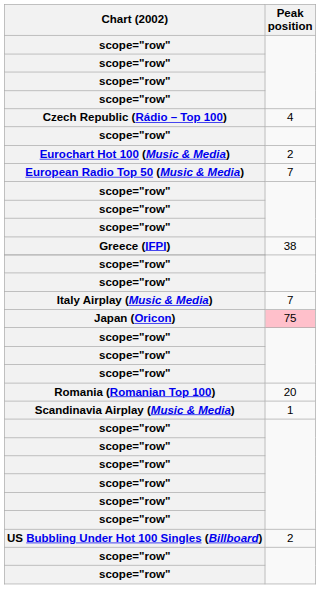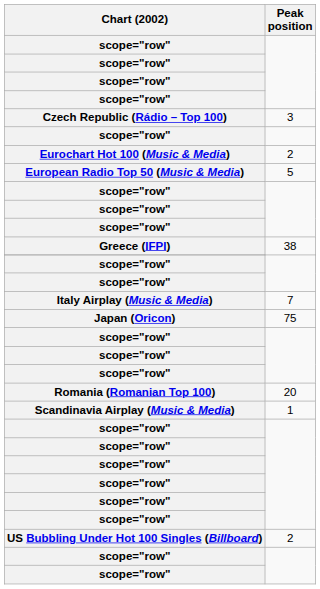 <table class="wikitable sortable plainrowheaders" style="text-align:center">
 <tr>
 <th scope="col">Chart (2002)</th>
 <th scope="col">Peak<br>position</th>
 </tr>
 <tr>
 <th>scope="row"</th>
 </tr>
 <tr>
 <th>scope="row"</th>
 </tr>
 <tr>
 <th>scope="row"</th>
 </tr>
 <tr>
 <th>scope="row"</th>
 </tr>
 <tr>
 <th scope="row">Czech Republic (<a href='#'>Rádio – Top 100</a>)</th>
-<td>4</td>
+<td>3</td>
 </tr>
 <tr>
 <th>scope="row"</th>
 </tr>
 <tr>
 <th scope="row"><a href='#'>Eurochart Hot 100</a> (<em><a href='#'>Music & Media</a></em>)</th>
 <td>2</td>
 </tr>
 <tr>
 <th scope="row"><a href='#'>European Radio Top 50</a> (<em><a href='#'>Music & Media</a></em>)</th>
-<td>7</td>
+<td>5</td>
 </tr>
 <tr>
 <th>scope="row"</th>
 </tr>
 <tr>
 <th>scope="row"</th>
 </tr>
 <tr>
 <th>scope="row"</th>
 </tr>
 <tr>
 <th scope="row">Greece (<a href='#'>IFPI</a>)</th>
 <td>38</td>
 </tr>
 <tr>
 </tr>
 <tr>
 <th>scope="row"</th>
 </tr>
 <tr>
 <th>scope="row"</th>
 </tr>
 <tr>
 <th scope="row">Italy Airplay (<em><a href='#'>Music & Media</a></em>)</th>
 <td>7</td>
 </tr>
 <tr>
 <th scope="row">Japan (<a href='#'>Oricon</a>)</th>
-<td style="background: pink;">75</td>
+<td>75</td>
 </tr>
 <tr>
 <th>scope="row"</th>
 </tr>
 <tr>
 <th>scope="row"</th>
 </tr>
 <tr>
 <th>scope="row"</th>
 </tr>
 <tr>
 <th scope="row">Romania (<a href='#'>Romanian Top 100</a>)</th>
 <td>20</td>
 </tr>
 <tr>
 <th scope="row">Scandinavia Airplay (<em><a href='#'>Music & Media</a></em>)</th>
 <td>1</td>
 </tr>
 <tr>
 <th>scope="row"</th>
 </tr>
 <tr>
 <th>scope="row"</th>
 </tr>
 <tr>
 <th>scope="row"</th>
 </tr>
 <tr>
 <th>scope="row"</th>
 </tr>
 <tr>
 <th>scope="row"</th>
 </tr>
 <tr>
 <th>scope="row"</th>
 </tr>
 <tr>
 <th scope="row">US <a href='#'>Bubbling Under Hot 100 Singles</a> (<em><a href='#'>Billboard</a></em>)</th>
 <td>2</td>
 </tr>
 <tr>
 <th>scope="row"</th>
 </tr>
 <tr>
 <th>scope="row"</th>
 </tr>
 </table>
